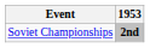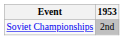 <table class="wikitable" style="text-align:center">
 <tr>
 <th>Event</th>
 <th>1953</th>
 </tr>
 <tr>
 <td align=left><a href='#'>Soviet Championships</a></td>
-<td bgcolor=silver><strong>2nd</strong></td>
+<td bgcolor=silver>2nd</td>
 </tr>
 </table>
